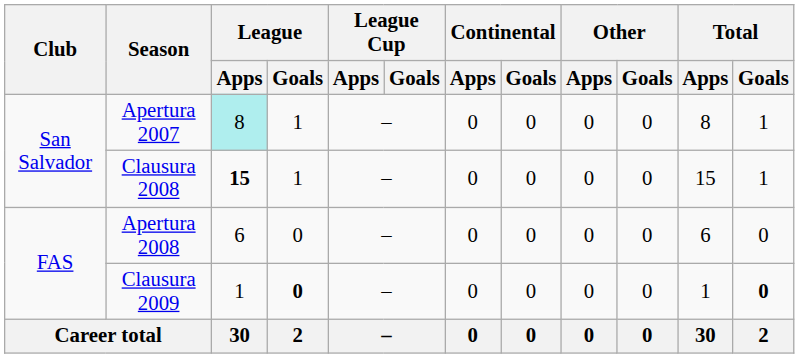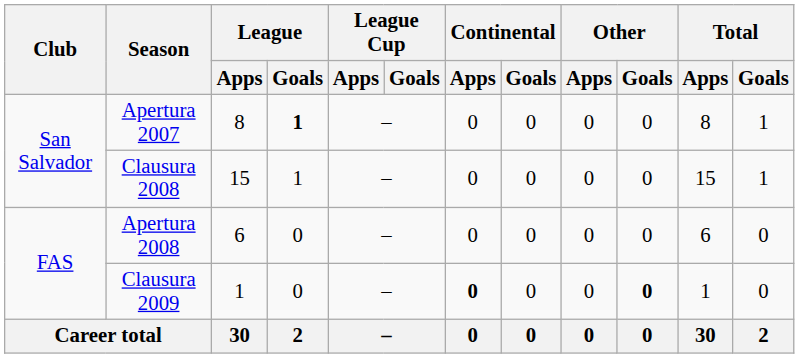 <table class="wikitable" style="text-align: center;">
 <tr>
 <th rowspan="2">Club</th>
 <th rowspan="2">Season</th>
 <th colspan="2">League</th>
 <th colspan="2">League Cup</th>
 <th colspan="2">Continental</th>
 <th colspan="2">Other</th>
 <th colspan="2">Total</th>
 </tr>
 <tr>
 <th>Apps</th>
 <th>Goals</th>
 <th>Apps</th>
 <th>Goals</th>
 <th>Apps</th>
 <th>Goals</th>
 <th>Apps</th>
 <th>Goals</th>
 <th>Apps</th>
 <th>Goals</th>
 </tr>
 <tr>
 <td rowspan="2"><a href='#'>San Salvador</a></td>
 <td><a href='#'>Apertura 2007</a></td>
-<td style="background: paleturquoise;">8</td>
-<td>1</td>
+<td>8</td>
+<td><strong>1</strong></td>
 <td colspan="2">–</td>
 <td>0</td>
 <td>0</td>
 <td>0</td>
 <td>0</td>
 <td>8</td>
 <td>1</td>
 </tr>
 <tr>
 <td><a href='#'>Clausura 2008</a></td>
-<td><strong>15</strong></td>
+<td>15</td>
 <td>1</td>
 <td colspan="2">–</td>
 <td>0</td>
 <td>0</td>
 <td>0</td>
 <td>0</td>
 <td>15</td>
 <td>1</td>
 </tr>
 <tr>
 <td rowspan="2"><a href='#'>FAS</a></td>
 <td><a href='#'>Apertura 2008</a></td>
 <td>6</td>
 <td>0</td>
 <td colspan="2">–</td>
 <td>0</td>
 <td>0</td>
 <td>0</td>
 <td>0</td>
 <td>6</td>
 <td>0</td>
 </tr>
 <tr>
 <td><a href='#'>Clausura 2009</a></td>
 <td>1</td>
+<td>0</td>
+<td colspan="2">–</td>
 <td><strong>0</strong></td>
-<td colspan="2">–</td>
 <td>0</td>
 <td>0</td>
+<td><strong>0</strong></td>
+<td>1</td>
 <td>0</td>
-<td>0</td>
-<td>1</td>
-<td><strong>0</strong></td>
 </tr>
 <tr>
 <th colspan="2">Career total</th>
 <th>30</th>
 <th>2</th>
 <th colspan="2">–</th>
 <th>0</th>
 <th>0</th>
 <th>0</th>
 <th>0</th>
 <th>30</th>
 <th>2</th>
 </tr>
 </table>
